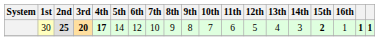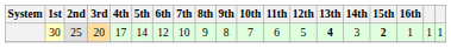 <table class="wikitable" style="font-size:85%; text-align:center;">
 <tr>
 <th>System</th>
 <th>1st</th>
 <th>2nd</th>
 <th>3rd</th>
 <th>4th</th>
 <th>5th</th>
 <th>6th</th>
 <th>7th</th>
 <th>8th</th>
 <th>9th</th>
 <th>10th</th>
 <th>11th</th>
 <th>12th</th>
 <th>13th</th>
 <th>14th</th>
 <th>15th</th>
 <th>16th</th>
 <th></th>
 <th></th>
 </tr>
 <tr>
 <th></th>
 <td style="background:#ffffbf;">30</td>
-<td style="background:#dfdfdf;"><strong>25</strong></td>
-<td style="background:#ffdf9f;"><strong>20</strong></td>
-<td style="background:#dfffdf;"><strong>17</strong></td>
+<td style="background:#dfdfdf;">25</td>
+<td style="background:#ffdf9f;">20</td>
+<td style="background:#dfffdf;">17</td>
 <td style="background:#dfffdf;">14</td>
 <td style="background:#dfffdf;">12</td>
 <td style="background:#dfffdf;">10</td>
 <td style="background:#dfffdf;">9</td>
 <td style="background:#dfffdf;">8</td>
 <td style="background:#dfffdf;">7</td>
 <td style="background:#dfffdf;">6</td>
 <td style="background:#dfffdf;">5</td>
-<td style="background:#dfffdf;">4</td>
+<td style="background:#dfffdf;"><strong>4</strong></td>
 <td style="background:#dfffdf;">3</td>
 <td style="background:#dfffdf;"><strong>2</strong></td>
 <td style="background:#dfffdf;">1</td>
-<td style="background:#dfffdf;"><strong>1</strong></td>
-<td style="background:#dfffdf;"><strong>1</strong></td>
+<td style="background:#dfffdf;">1</td>
+<td style="background:#dfffdf;">1</td>
 </tr>
 <tr>
 </tr>
 </table>
